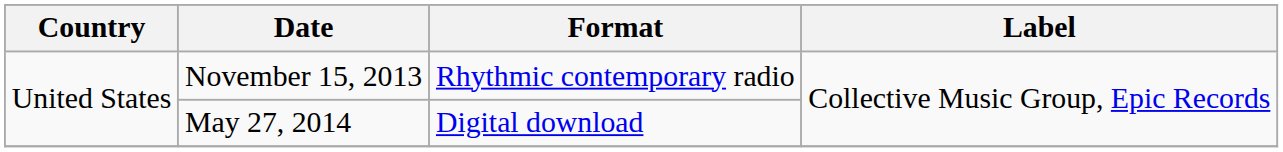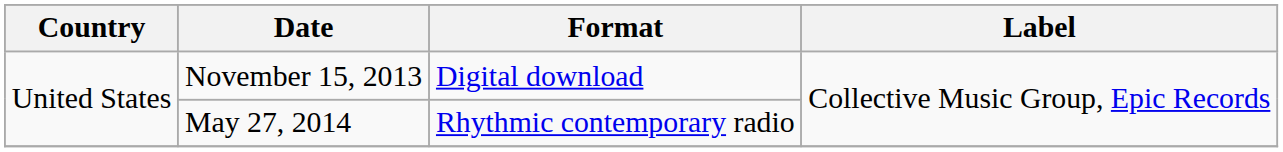 <table class="wikitable">
 <tr>
 <th>Country</th>
 <th>Date</th>
 <th>Format</th>
 <th>Label</th>
 </tr>
 <tr>
 <td rowspan="2">United States</td>
 <td>November 15, 2013</td>
-<td><a href='#'>Rhythmic contemporary</a> radio</td>
+<td><a href='#'>Digital download</a></td>
 <td rowspan="2">Collective Music Group, <a href='#'>Epic Records</a></td>
 </tr>
 <tr>
 <td>May 27, 2014</td>
-<td><a href='#'>Digital download</a></td>
+<td><a href='#'>Rhythmic contemporary</a> radio</td>
 </tr>
 <tr>
 </tr>
 </table>
